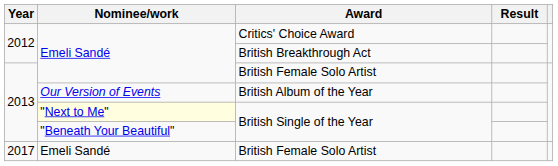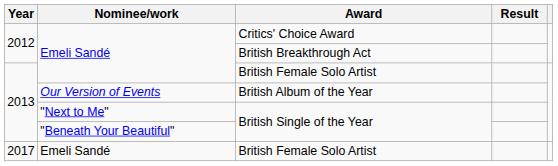 <table class="wikitable">
 <tr>
 <th>Year</th>
 <th width="250">Nominee/work</th>
 <th width="325">Award</th>
 <th width="65">Result</th>
 <th></th>
 </tr>
 <tr>
 <td rowspan="2">2012</td>
 <td rowspan="3"><a href='#'>Emeli Sandé</a></td>
 <td>Critics' Choice Award</td>
 <td></td>
 <td rowspan="2" style="text-align:center;"></td>
 </tr>
 <tr>
 <td>British Breakthrough Act</td>
 <td></td>
 </tr>
 <tr>
 <td rowspan="4">2013</td>
 <td>British Female Solo Artist</td>
 <td></td>
 <td rowspan="4" style="text-align:center;"></td>
 </tr>
 <tr>
 <td><em><a href='#'>Our Version of Events</a></em></td>
 <td>British Album of the Year</td>
 <td></td>
 </tr>
 <tr>
-<td style="background: lightyellow;">"<a href='#'>Next to Me</a>"</td>
+<td>"<a href='#'>Next to Me</a>"</td>
 <td rowspan="2">British Single of the Year</td>
 <td></td>
 </tr>
 <tr>
 <td>"<a href='#'>Beneath Your Beautiful</a>"</td>
 <td></td>
 </tr>
 <tr>
 <td>2017</td>
 <td>Emeli Sandé</td>
 <td>British Female Solo Artist</td>
 <td></td>
 <td style="text-align:center;"></td>
 </tr>
 </table>
